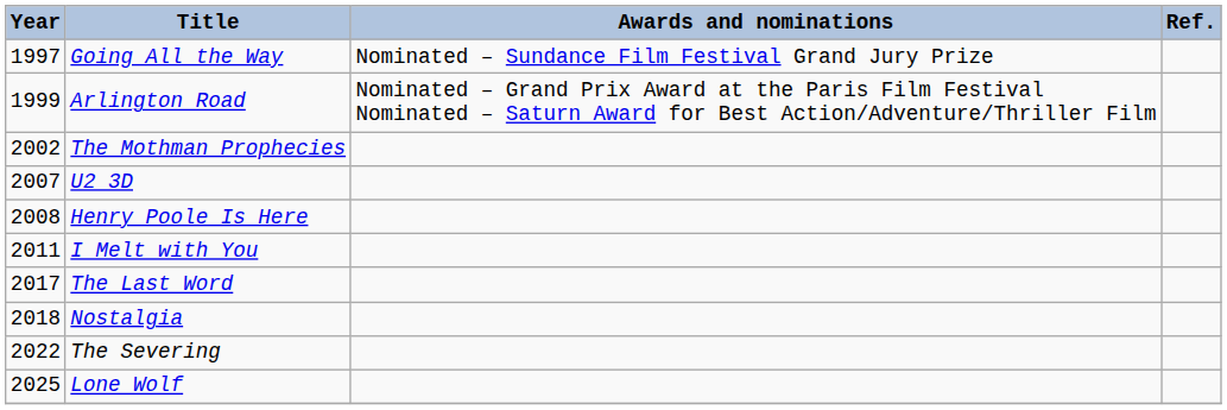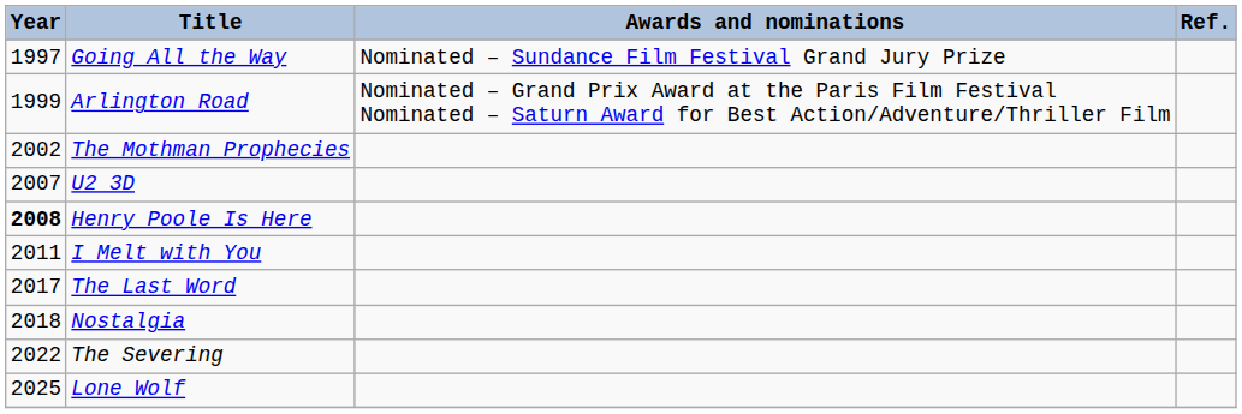 <table class="wikitable">
 <tr>
 <th style="background:#B0C4DE;">Year</th>
 <th style="background:#B0C4DE;">Title</th>
 <th style="background:#B0C4DE;">Awards and nominations</th>
 <th style="background:#B0C4DE;">Ref.</th>
 </tr>
 <tr>
 <td>1997</td>
 <td><em><a href='#'>Going All the Way</a></em></td>
 <td>Nominated – <a href='#'>Sundance Film Festival</a> Grand Jury Prize</td>
 <td></td>
 </tr>
 <tr>
 <td>1999</td>
 <td><em><a href='#'>Arlington Road</a></em></td>
 <td>Nominated – Grand Prix Award at the Paris Film Festival<br>Nominated – <a href='#'>Saturn Award</a> for Best Action/Adventure/Thriller Film<br></td>
 <td></td>
 </tr>
 <tr>
 <td>2002</td>
 <td><em><a href='#'>The Mothman Prophecies</a></em></td>
 <td></td>
 <td></td>
 </tr>
 <tr>
 <td>2007</td>
 <td><em><a href='#'>U2 3D</a></em></td>
 <td></td>
 <td></td>
 </tr>
 <tr>
-<td>2008</td>
+<td><strong>2008</strong></td>
 <td><em><a href='#'>Henry Poole Is Here</a></em></td>
 <td></td>
 <td></td>
 </tr>
 <tr>
 <td>2011</td>
 <td><em><a href='#'>I Melt with You</a></em></td>
 <td></td>
 <td></td>
 </tr>
 <tr>
 <td>2017</td>
 <td><em><a href='#'>The Last Word</a></em></td>
 <td></td>
 <td></td>
 </tr>
 <tr>
 <td>2018</td>
 <td><em><a href='#'>Nostalgia</a></em></td>
 <td></td>
 <td></td>
 </tr>
 <tr>
 <td>2022</td>
 <td><em>The Severing</em></td>
 <td></td>
 <td></td>
 </tr>
 <tr>
 <td>2025</td>
 <td><em><a href='#'>Lone Wolf</a></em></td>
 <td></td>
 <td></td>
 </tr>
 <tr>
 </tr>
 </table>
